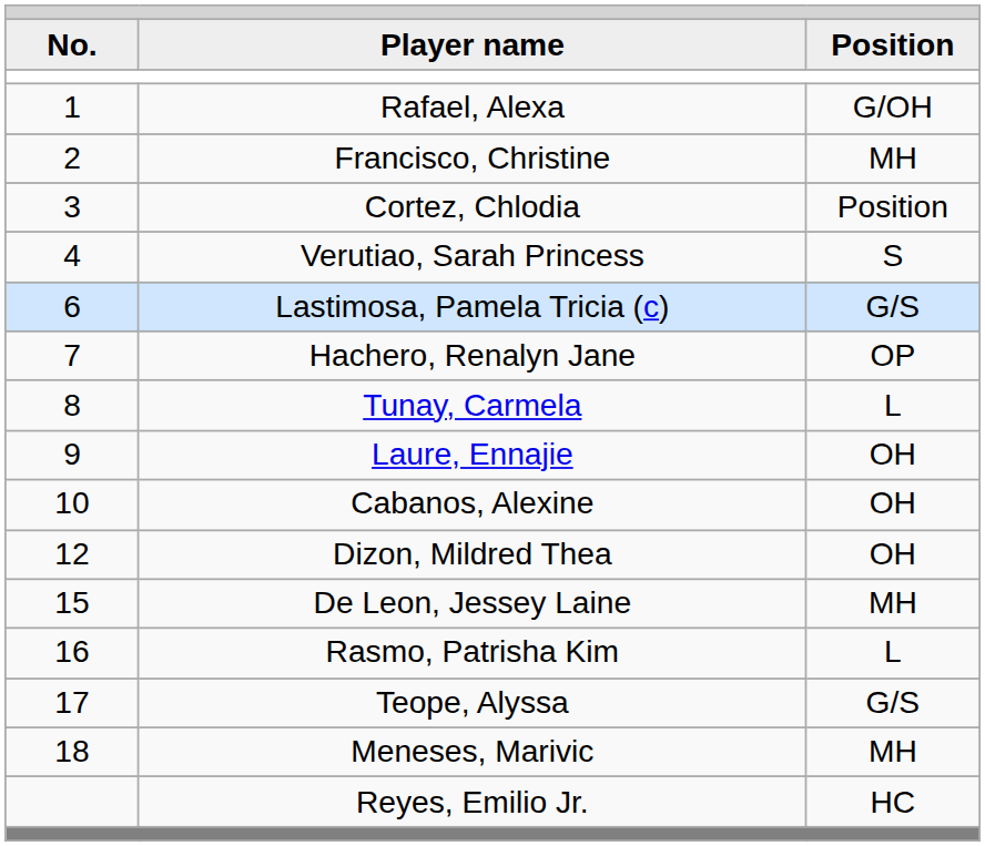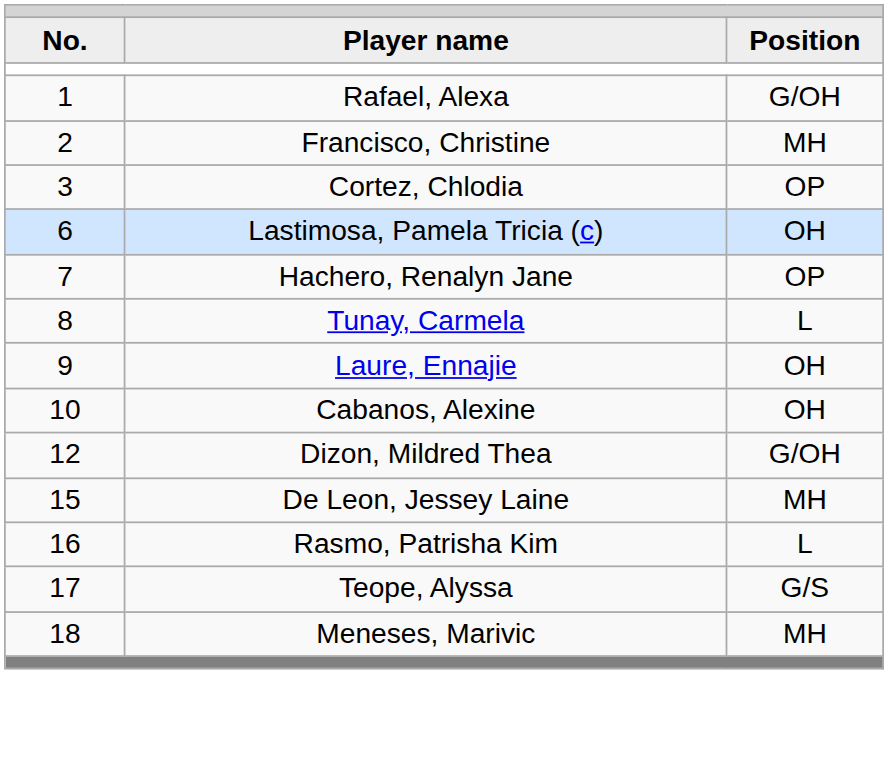 <table class='wikitable mw-collapsible mw-collapsed' style='text-align: center; width: 500px; border: none;'>
 <tr>
 <th style="background:#D4D4D4; text-align:left;" colspan=3></th>
 </tr>
 <tr style="background:#EEEEEE; font-weight:bold;">
 <td width=10%>No.</td>
 <td width=50%>Player name</td>
 <td width=10%>Position</td>
 </tr>
 <tr style="background:#FFFFFF;">
 <td colspan=3 align=center></td>
 </tr>
 <tr>
 <td align=center>1</td>
 <td>Rafael, Alexa</td>
 <td align=center>G/OH</td>
 </tr>
 <tr>
 <td align=center>2</td>
 <td>Francisco, Christine</td>
 <td align=center>MH</td>
 </tr>
 <tr>
 <td align=center>3</td>
 <td>Cortez, Chlodia</td>
-<td width=10%>Position</td>
-</tr>
-<tr>
-<td align=center>4</td>
-<td>Verutiao, Sarah Princess</td>
-<td align=center>S</td>
+<td align=center>OP</td>
 </tr>
 <tr style="background: #D0E6FF;">
 <td align=center>6</td>
 <td>Lastimosa, Pamela Tricia (<a href='#'>c</a>)</td>
-<td align=center>G/S</td>
+<td align=center>OH</td>
 </tr>
 <tr>
 <td align=center>7</td>
 <td>Hachero, Renalyn Jane</td>
 <td align=center>OP</td>
 </tr>
 <tr>
 <td align=center>8</td>
 <td><a href='#'>Tunay, Carmela</a></td>
 <td align=center>L</td>
 </tr>
 <tr>
 <td align=center>9</td>
 <td><a href='#'>Laure, Ennajie</a></td>
 <td align=center>OH</td>
 </tr>
 <tr>
 <td align=center>10</td>
 <td>Cabanos, Alexine</td>
 <td align=center>OH</td>
 </tr>
 <tr>
 <td align=center>12</td>
 <td>Dizon, Mildred Thea</td>
-<td align=center>OH</td>
+<td align=center>G/OH</td>
 </tr>
 <tr>
 <td align=center>15</td>
 <td>De Leon, Jessey Laine</td>
 <td align=center>MH</td>
 </tr>
 <tr>
 <td align=center>16</td>
 <td>Rasmo, Patrisha Kim</td>
 <td align=center>L</td>
 </tr>
 <tr>
 <td align=center>17</td>
 <td>Teope, Alyssa</td>
 <td align=center>G/S</td>
 </tr>
 <tr>
 <td align=center>18</td>
 <td>Meneses, Marivic</td>
 <td align=center>MH</td>
 </tr>
 <tr>
-<td align=center></td>
-<td>Reyes, Emilio Jr.</td>
-<td align=center>HC</td>
-</tr>
-<tr>
 <th style='background: grey;' colspan=3></th>
 </tr>
 </table>
